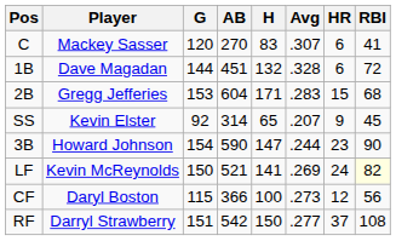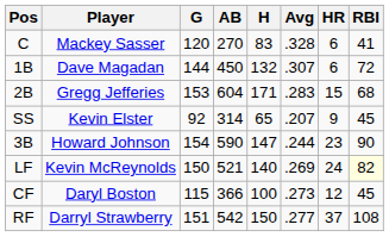 <table class="wikitable sortable">
 <tr>
 <th>Pos</th>
 <th>Player</th>
 <th>G</th>
 <th>AB</th>
 <th>H</th>
 <th>Avg</th>
 <th>HR</th>
 <th>RBI</th>
 </tr>
 <tr align="center">
 <td>C</td>
 <td><a href='#'>Mackey Sasser</a></td>
 <td>120</td>
 <td>270</td>
 <td>83</td>
-<td>.307</td>
+<td>.328</td>
 <td>6</td>
 <td>41</td>
 </tr>
 <tr align="center">
 <td>1B</td>
 <td><a href='#'>Dave Magadan</a></td>
 <td>144</td>
-<td>451</td>
+<td>450</td>
 <td>132</td>
-<td>.328</td>
+<td>.307</td>
 <td>6</td>
 <td>72</td>
 </tr>
 <tr align="center">
 <td>2B</td>
 <td><a href='#'>Gregg Jefferies</a></td>
 <td>153</td>
 <td>604</td>
 <td>171</td>
 <td>.283</td>
 <td>15</td>
 <td>68</td>
 </tr>
 <tr align="center">
 <td>SS</td>
 <td><a href='#'>Kevin Elster</a></td>
 <td>92</td>
 <td>314</td>
 <td>65</td>
 <td>.207</td>
 <td>9</td>
 <td>45</td>
 </tr>
 <tr align="center">
 <td>3B</td>
 <td><a href='#'>Howard Johnson</a></td>
 <td>154</td>
 <td>590</td>
 <td>147</td>
 <td>.244</td>
 <td>23</td>
 <td>90</td>
 </tr>
 <tr align="center">
 <td>LF</td>
 <td><a href='#'>Kevin McReynolds</a></td>
 <td>150</td>
 <td>521</td>
-<td>141</td>
+<td>140</td>
 <td>.269</td>
 <td>24</td>
 <td style="background: lightyellow;">82</td>
 </tr>
 <tr align="center">
 <td>CF</td>
 <td><a href='#'>Daryl Boston</a></td>
 <td>115</td>
 <td>366</td>
 <td>100</td>
 <td>.273</td>
 <td>12</td>
-<td>56</td>
+<td>45</td>
 </tr>
 <tr align="center">
 <td>RF</td>
 <td><a href='#'>Darryl Strawberry</a></td>
 <td>151</td>
 <td>542</td>
 <td>150</td>
 <td>.277</td>
 <td>37</td>
 <td>108</td>
 </tr>
 </table>
